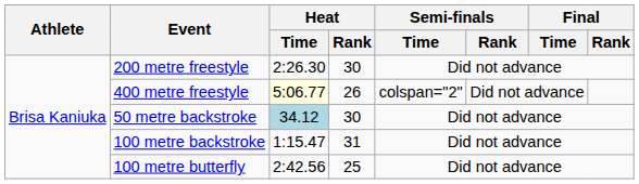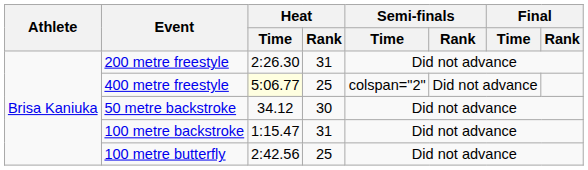 <table class="wikitable" style="font-size:90%; text-align:center">
 <tr>
 <th rowspan="2">Athlete</th>
 <th rowspan="2">Event</th>
 <th colspan="2">Heat</th>
 <th colspan="2">Semi-finals</th>
 <th colspan="2">Final</th>
 </tr>
 <tr>
 <th>Time</th>
 <th>Rank</th>
 <th>Time</th>
 <th>Rank</th>
 <th>Time</th>
 <th>Rank</th>
 </tr>
 <tr>
 <td align="left" rowspan="5"><a href='#'>Brisa Kaniuka</a></td>
 <td align="left"><a href='#'>200 metre freestyle</a></td>
 <td>2:26.30</td>
-<td>30</td>
+<td>31</td>
 <td colspan="4">Did not advance</td>
 </tr>
 <tr>
 <td align="left"><a href='#'>400 metre freestyle</a></td>
 <td style="background: lightyellow;">5:06.77</td>
-<td>26</td>
+<td>25</td>
 <td>colspan="2" </td>
 <td colspan="2">Did not advance</td>
 </tr>
 <tr>
 <td align="left"><a href='#'>50 metre backstroke</a></td>
-<td style="background: lightblue;">34.12</td>
+<td>34.12</td>
 <td>30</td>
 <td colspan="4">Did not advance</td>
 </tr>
 <tr>
 <td align="left"><a href='#'>100 metre backstroke</a></td>
 <td>1:15.47</td>
 <td>31</td>
 <td colspan="4">Did not advance</td>
 </tr>
 <tr>
 <td align="left"><a href='#'>100 metre butterfly</a></td>
 <td>2:42.56</td>
 <td>25</td>
 <td colspan="4">Did not advance</td>
 </tr>
 </table>
